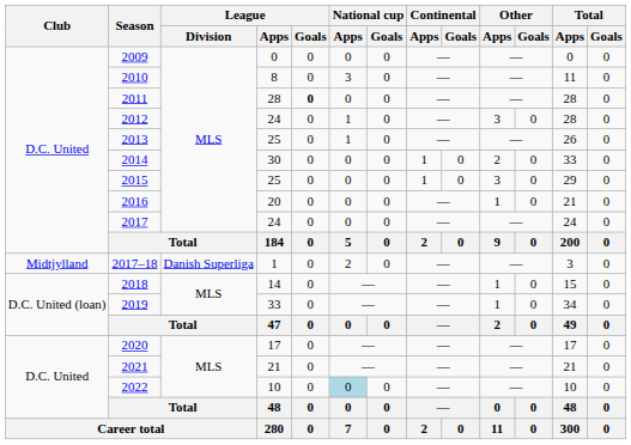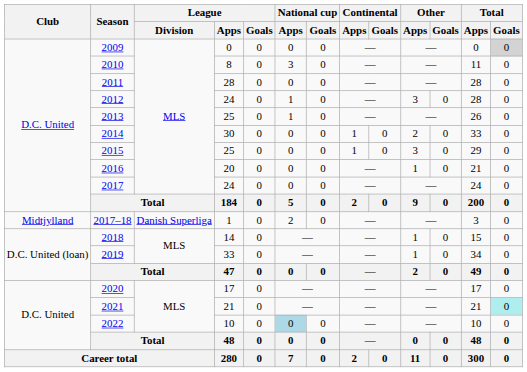 <table class="wikitable" style="text-align: center;">
 <tr>
 <th rowspan=2>Club</th>
 <th rowspan=2>Season</th>
 <th colspan=3>League</th>
 <th colspan=2>National cup</th>
 <th colspan=2>Continental</th>
 <th colspan=2>Other</th>
 <th colspan=2>Total</th>
 </tr>
 <tr>
 <th>Division</th>
 <th>Apps</th>
 <th>Goals</th>
 <th>Apps</th>
 <th>Goals</th>
 <th>Apps</th>
 <th>Goals</th>
 <th>Apps</th>
 <th>Goals</th>
 <th>Apps</th>
 <th>Goals</th>
 </tr>
 <tr>
 <td rowspan="10"><a href='#'>D.C. United</a></td>
 <td><a href='#'>2009</a></td>
 <td rowspan="9"><a href='#'>MLS</a></td>
 <td>0</td>
 <td>0</td>
 <td>0</td>
 <td>0</td>
 <td colspan="2">—</td>
 <td colspan="2">—</td>
 <td>0</td>
-<td>0</td>
+<td style="background: lightgrey;">0</td>
 </tr>
 <tr>
 <td><a href='#'>2010</a></td>
 <td>8</td>
 <td>0</td>
 <td>3</td>
 <td>0</td>
 <td colspan="2">—</td>
 <td colspan="2">—</td>
 <td>11</td>
 <td>0</td>
 </tr>
 <tr>
 <td><a href='#'>2011</a></td>
 <td>28</td>
-<td><strong>0</strong></td>
+<td>0</td>
 <td>0</td>
 <td>0</td>
 <td colspan="2">—</td>
 <td colspan="2">—</td>
 <td>28</td>
 <td>0</td>
 </tr>
 <tr>
 <td><a href='#'>2012</a></td>
 <td>24</td>
 <td>0</td>
 <td>1</td>
 <td>0</td>
 <td colspan="2">—</td>
 <td>3</td>
 <td>0</td>
 <td>28</td>
 <td>0</td>
 </tr>
 <tr>
 <td><a href='#'>2013</a></td>
 <td>25</td>
 <td>0</td>
 <td>1</td>
 <td>0</td>
 <td colspan="2">—</td>
 <td colspan="2">—</td>
 <td>26</td>
 <td>0</td>
 </tr>
 <tr>
 <td><a href='#'>2014</a></td>
 <td>30</td>
 <td>0</td>
 <td>0</td>
 <td>0</td>
 <td>1</td>
 <td>0</td>
 <td>2</td>
 <td>0</td>
 <td>33</td>
 <td>0</td>
 </tr>
 <tr>
 <td><a href='#'>2015</a></td>
 <td>25</td>
 <td>0</td>
 <td>0</td>
 <td>0</td>
 <td>1</td>
 <td>0</td>
 <td>3</td>
 <td>0</td>
 <td>29</td>
 <td>0</td>
 </tr>
 <tr>
 <td><a href='#'>2016</a></td>
 <td>20</td>
 <td>0</td>
 <td>0</td>
 <td>0</td>
 <td colspan="2">—</td>
 <td>1</td>
 <td>0</td>
 <td>21</td>
 <td>0</td>
 </tr>
 <tr>
 <td><a href='#'>2017</a></td>
 <td>24</td>
 <td>0</td>
 <td>0</td>
 <td>0</td>
 <td colspan="2">—</td>
 <td colspan="2">—</td>
 <td>24</td>
 <td>0</td>
 </tr>
 <tr>
 <th colspan="2">Total</th>
 <th>184</th>
 <th>0</th>
 <th>5</th>
 <th>0</th>
 <th>2</th>
 <th>0</th>
 <th>9</th>
 <th>0</th>
 <th>200</th>
 <th>0</th>
 </tr>
 <tr>
 <td><a href='#'>Midtjylland</a></td>
 <td><a href='#'>2017–18</a></td>
 <td><a href='#'>Danish Superliga</a></td>
 <td>1</td>
 <td>0</td>
 <td>2</td>
 <td>0</td>
 <td colspan="2">—</td>
 <td colspan="2">—</td>
 <td>3</td>
 <td>0</td>
 </tr>
 <tr>
 <td rowspan="3">D.C. United (loan)</td>
 <td><a href='#'>2018</a></td>
 <td rowspan="2">MLS</td>
 <td>14</td>
 <td>0</td>
 <td colspan="2">—</td>
 <td colspan="2">—</td>
 <td>1</td>
 <td>0</td>
 <td>15</td>
 <td>0</td>
 </tr>
 <tr>
 <td><a href='#'>2019</a></td>
 <td>33</td>
 <td>0</td>
 <td colspan="2">—</td>
 <td colspan="2">—</td>
 <td>1</td>
 <td>0</td>
 <td>34</td>
 <td>0</td>
 </tr>
 <tr>
 <th colspan="2">Total</th>
 <th>47</th>
 <th>0</th>
 <th>0</th>
 <th>0</th>
 <th colspan="2">—</th>
 <th>2</th>
 <th>0</th>
 <th>49</th>
 <th>0</th>
 </tr>
 <tr>
 <td rowspan="4">D.C. United</td>
 <td><a href='#'>2020</a></td>
 <td rowspan="3">MLS</td>
 <td>17</td>
 <td>0</td>
 <td colspan="2">—</td>
 <td colspan="2">—</td>
 <td colspan="2">—</td>
 <td>17</td>
 <td>0</td>
 </tr>
 <tr>
 <td><a href='#'>2021</a></td>
 <td>21</td>
 <td>0</td>
 <td colspan="2">—</td>
 <td colspan="2">—</td>
 <td colspan="2">—</td>
 <td>21</td>
-<td>0</td>
+<td style="background: paleturquoise;">0</td>
 </tr>
 <tr>
 <td><a href='#'>2022</a></td>
 <td>10</td>
 <td>0</td>
 <td style="background: lightblue;">0</td>
 <td>0</td>
 <td colspan="2">—</td>
 <td colspan="2">—</td>
 <td>10</td>
 <td>0</td>
 </tr>
 <tr>
 <th colspan="2">Total</th>
 <th>48</th>
 <th>0</th>
 <th>0</th>
 <th>0</th>
 <th colspan="2">—</th>
 <th>0</th>
 <th>0</th>
 <th>48</th>
 <th>0</th>
 </tr>
 <tr>
 <th colspan="3">Career total</th>
 <th>280</th>
 <th>0</th>
 <th>7</th>
 <th>0</th>
 <th>2</th>
 <th>0</th>
 <th>11</th>
 <th>0</th>
 <th>300</th>
 <th>0</th>
 </tr>
 </table>
